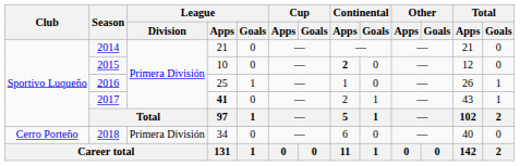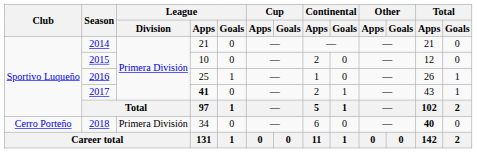 <table class="wikitable" style="text-align: center;">
 <tr>
 <th rowspan="2">Club</th>
 <th rowspan="2">Season</th>
 <th colspan="3">League</th>
 <th colspan="2">Cup</th>
 <th colspan="2">Continental</th>
 <th colspan="2">Other</th>
 <th colspan="2">Total</th>
 </tr>
 <tr>
 <th>Division</th>
 <th>Apps</th>
 <th>Goals</th>
 <th>Apps</th>
 <th>Goals</th>
 <th>Apps</th>
 <th>Goals</th>
 <th>Apps</th>
 <th>Goals</th>
 <th>Apps</th>
 <th>Goals</th>
 </tr>
 <tr>
 <td rowspan="5" valign="center"><a href='#'>Sportivo Luqueño</a></td>
 <td><a href='#'>2014</a></td>
 <td rowspan="4"><a href='#'>Primera División</a></td>
 <td>21</td>
 <td>0</td>
 <td colspan="2">—</td>
 <td colspan="2">—</td>
 <td colspan="2">—</td>
 <td>21</td>
 <td>0</td>
 </tr>
 <tr>
 <td><a href='#'>2015</a></td>
 <td>10</td>
 <td>0</td>
 <td colspan="2">—</td>
-<td><strong>2</strong></td>
+<td>2</td>
 <td>0</td>
 <td colspan="2">—</td>
 <td>12</td>
 <td>0</td>
 </tr>
 <tr>
 <td><a href='#'>2016</a></td>
 <td>25</td>
 <td>1</td>
 <td colspan="2">—</td>
 <td>1</td>
 <td>0</td>
 <td colspan="2">—</td>
 <td>26</td>
 <td>1</td>
 </tr>
 <tr>
 <td><a href='#'>2017</a></td>
 <td><strong>41</strong></td>
 <td>0</td>
 <td colspan="2">—</td>
 <td>2</td>
 <td>1</td>
 <td colspan="2">—</td>
 <td>43</td>
 <td>1</td>
 </tr>
 <tr>
 <th colspan="2">Total</th>
 <th>97</th>
 <th>1</th>
 <th colspan="2">—</th>
 <th>5</th>
 <th>1</th>
 <th colspan="2">—</th>
 <th>102</th>
 <th>2</th>
 </tr>
 <tr>
 <td valign="center"><a href='#'>Cerro Porteño</a></td>
 <td><a href='#'>2018</a></td>
 <td>Primera División</td>
 <td>34</td>
 <td>0</td>
 <td colspan="2">—</td>
 <td>6</td>
 <td>0</td>
 <td colspan="2">—</td>
-<td>40</td>
+<td><strong>40</strong></td>
 <td>0</td>
 </tr>
 <tr>
 <th colspan="3"><strong>Career total</strong></th>
 <th>131</th>
 <th>1</th>
 <th>0</th>
 <th>0</th>
 <th>11</th>
 <th>1</th>
 <th>0</th>
 <th>0</th>
 <th>142</th>
 <th>2</th>
 </tr>
 </table>
